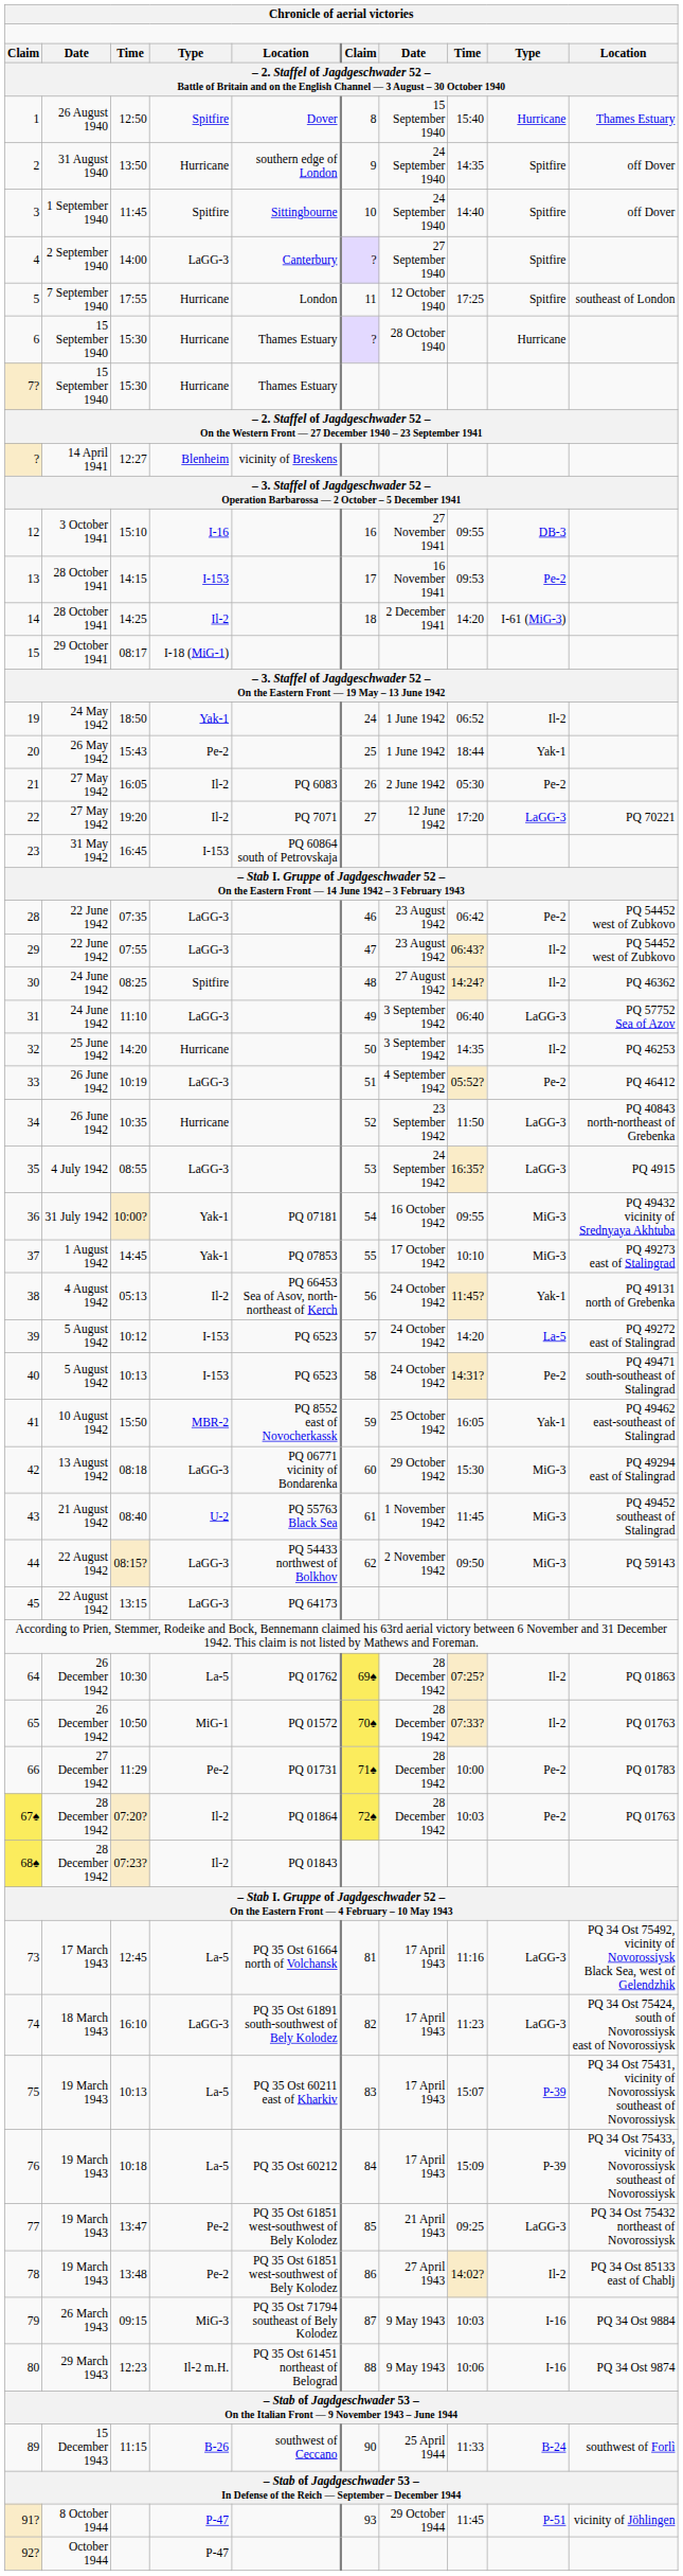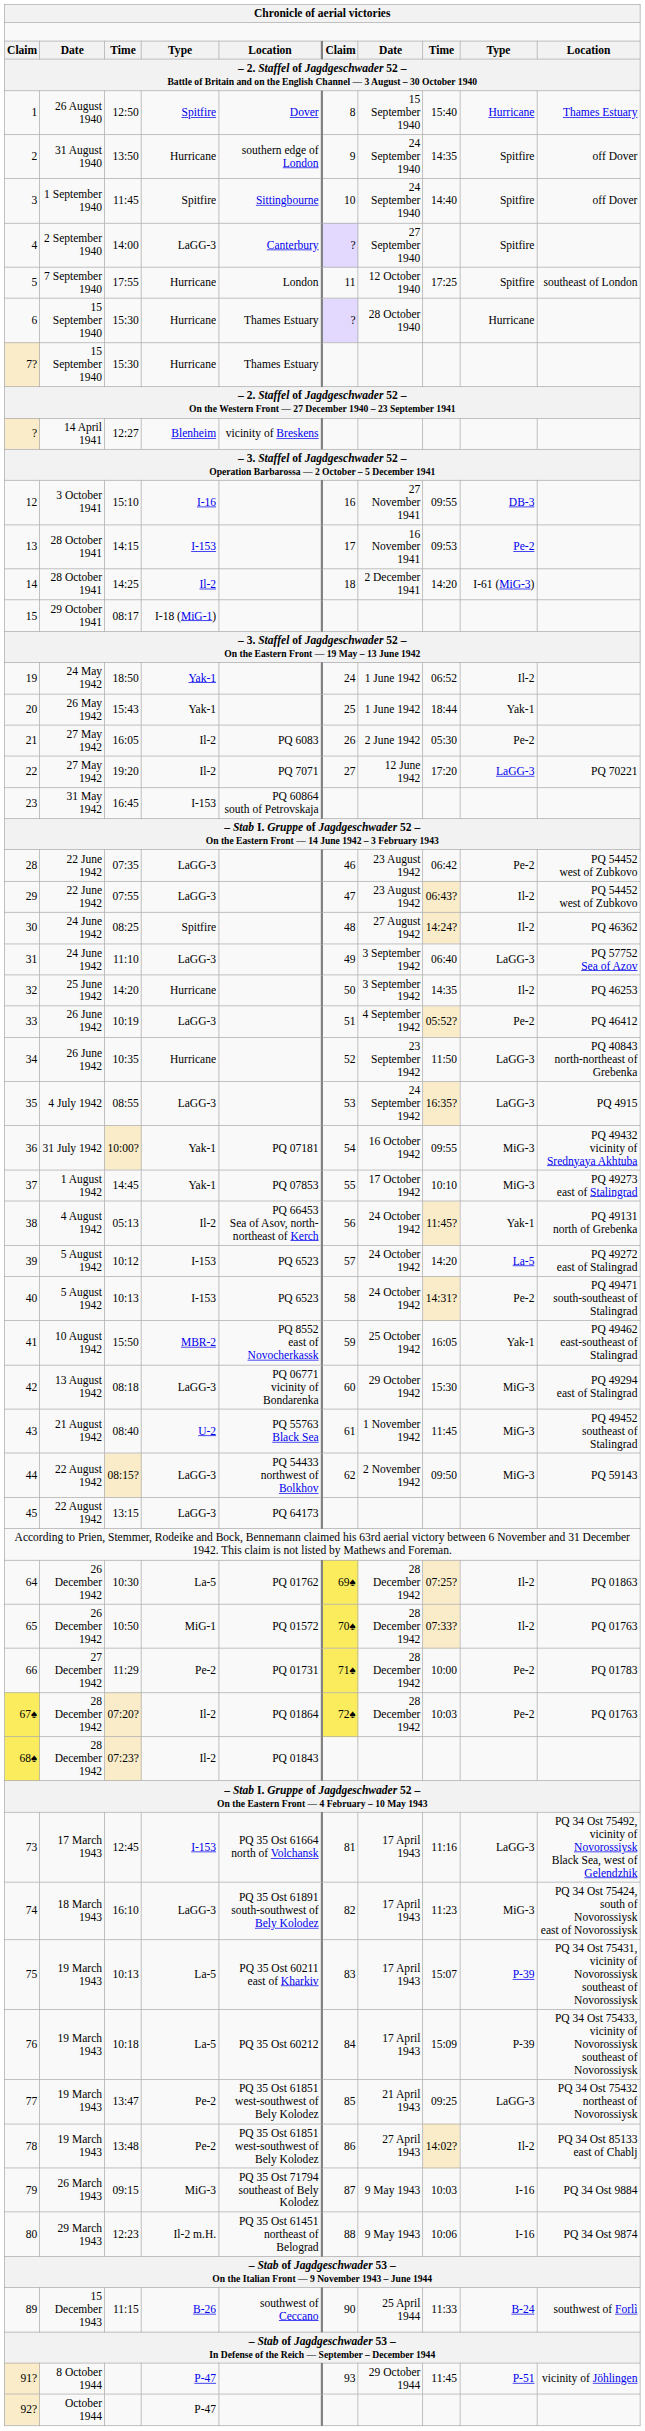 <table class="wikitable plainrowheaders collapsible" style="margin-left: auto; margin-right: auto; border: none; text-align:right; width: 100%;">
 <tr>
 <th colspan="10">Chronicle of aerial victories</th>
 </tr>
 <tr>
 <td colspan="10" style="text-align: left;"><br>  </td>
 </tr>
 <tr>
 <th scope="col">Claim</th>
 <th scope="col">Date</th>
 <th scope="col">Time</th>
 <th scope="col" width="100px">Type</th>
 <th scope="col">Location</th>
 <th scope="col" style="border-left: 3px solid grey;">Claim</th>
 <th scope="col">Date</th>
 <th scope="col">Time</th>
 <th scope="col" width="100px">Type</th>
 <th scope="col">Location</th>
 </tr>
 <tr>
 <th colspan="10">– 2. <em>Staffel</em> of <em>Jagdgeschwader</em> 52 –<br><small>Battle of Britain and on the English Channel — 3 August – 30 October 1940</small></th>
 </tr>
 <tr>
 <td>1</td>
 <td>26 August 1940</td>
 <td>12:50</td>
 <td><a href='#'>Spitfire</a></td>
 <td><a href='#'>Dover</a></td>
 <td style="border-left: 3px solid grey;">8</td>
 <td>15 September 1940</td>
 <td>15:40</td>
 <td><a href='#'>Hurricane</a></td>
 <td><a href='#'>Thames Estuary</a></td>
 </tr>
 <tr>
 <td>2</td>
 <td>31 August 1940</td>
 <td>13:50</td>
 <td>Hurricane</td>
 <td>southern edge of <a href='#'>London</a></td>
 <td style="border-left: 3px solid grey;">9</td>
 <td>24 September 1940</td>
 <td>14:35</td>
 <td>Spitfire</td>
 <td> off Dover</td>
 </tr>
 <tr>
 <td>3</td>
 <td>1 September 1940</td>
 <td>11:45</td>
 <td>Spitfire</td>
 <td><a href='#'>Sittingbourne</a></td>
 <td style="border-left: 3px solid grey;">10</td>
 <td>24 September 1940</td>
 <td>14:40</td>
 <td>Spitfire</td>
 <td>off Dover</td>
 </tr>
 <tr>
 <td>4</td>
 <td>2 September 1940</td>
 <td>14:00</td>
 <td>LaGG-3</td>
 <td><a href='#'>Canterbury</a></td>
 <td style="border-left: 3px solid grey; background:#e3d9ff;">?</td>
 <td>27 September 1940</td>
 <td></td>
 <td>Spitfire</td>
 <td></td>
 </tr>
 <tr>
 <td>5</td>
 <td>7 September 1940</td>
 <td>17:55</td>
 <td>Hurricane</td>
 <td>London</td>
 <td style="border-left: 3px solid grey;">11</td>
 <td>12 October 1940</td>
 <td>17:25</td>
 <td>Spitfire</td>
 <td>southeast of London</td>
 </tr>
 <tr>
 <td>6</td>
 <td>15 September 1940</td>
 <td>15:30</td>
 <td>Hurricane</td>
 <td>Thames Estuary</td>
 <td style="border-left: 3px solid grey; background:#e3d9ff;">?</td>
 <td>28 October 1940</td>
 <td></td>
 <td>Hurricane</td>
 <td></td>
 </tr>
 <tr>
 <td style="background:#faecc8">7?</td>
 <td>15 September 1940</td>
 <td>15:30</td>
 <td>Hurricane</td>
 <td>Thames Estuary</td>
 <td style="border-left: 3px solid grey;"></td>
 <td></td>
 <td></td>
 <td></td>
 <td></td>
 </tr>
 <tr>
 <th colspan="10">– 2. <em>Staffel</em> of <em>Jagdgeschwader</em> 52 –<br><small>On the Western Front — 27 December 1940 – 23 September 1941</small></th>
 </tr>
 <tr>
 <td style="background:#faecc8">?</td>
 <td>14 April 1941</td>
 <td>12:27</td>
 <td><a href='#'>Blenheim</a></td>
 <td>vicinity of <a href='#'>Breskens</a></td>
 <td style="border-left: 3px solid grey;"></td>
 <td></td>
 <td></td>
 <td></td>
 <td></td>
 </tr>
 <tr>
 <th colspan="10">– 3. <em>Staffel</em> of <em>Jagdgeschwader</em> 52 –<br><small>Operation Barbarossa — 2 October – 5 December 1941</small></th>
 </tr>
 <tr>
 <td>12</td>
 <td>3 October 1941</td>
 <td>15:10</td>
 <td><a href='#'>I-16</a></td>
 <td></td>
 <td style="border-left: 3px solid grey;">16</td>
 <td>27 November 1941</td>
 <td>09:55</td>
 <td><a href='#'>DB-3</a></td>
 <td></td>
 </tr>
 <tr>
 <td>13</td>
 <td>28 October 1941</td>
 <td>14:15</td>
 <td><a href='#'>I-153</a></td>
 <td></td>
 <td style="border-left: 3px solid grey;">17</td>
 <td>16 November 1941</td>
 <td>09:53</td>
 <td><a href='#'>Pe-2</a></td>
 <td></td>
 </tr>
 <tr>
 <td>14</td>
 <td>28 October 1941</td>
 <td>14:25</td>
 <td><a href='#'>Il-2</a></td>
 <td></td>
 <td style="border-left: 3px solid grey;">18</td>
 <td>2 December 1941</td>
 <td>14:20</td>
 <td>I-61 (<a href='#'>MiG-3</a>)</td>
 <td></td>
 </tr>
 <tr>
 <td>15</td>
 <td>29 October 1941</td>
 <td>08:17</td>
 <td>I-18 (<a href='#'>MiG-1</a>)</td>
 <td></td>
 <td style="border-left: 3px solid grey;"></td>
 <td></td>
 <td></td>
 <td></td>
 <td></td>
 </tr>
 <tr>
 <th colspan="10">– 3. <em>Staffel</em> of <em>Jagdgeschwader</em> 52 –<br><small>On the Eastern Front — 19 May – 13 June 1942</small></th>
 </tr>
 <tr>
 <td>19</td>
 <td>24 May 1942</td>
 <td>18:50</td>
 <td><a href='#'>Yak-1</a></td>
 <td></td>
 <td style="border-left: 3px solid grey;">24</td>
 <td>1 June 1942</td>
 <td>06:52</td>
 <td>Il-2</td>
 <td></td>
 </tr>
 <tr>
 <td>20</td>
 <td>26 May 1942</td>
 <td>15:43</td>
-<td>Pe-2</td>
+<td>Yak-1</td>
 <td></td>
 <td style="border-left: 3px solid grey;">25</td>
 <td>1 June 1942</td>
 <td>18:44</td>
 <td>Yak-1</td>
 <td></td>
 </tr>
 <tr>
 <td>21</td>
 <td>27 May 1942</td>
 <td>16:05</td>
 <td>Il-2</td>
 <td>PQ 6083</td>
 <td style="border-left: 3px solid grey;">26</td>
 <td>2 June 1942</td>
 <td>05:30</td>
 <td>Pe-2</td>
 <td></td>
 </tr>
 <tr>
 <td>22</td>
 <td>27 May 1942</td>
 <td>19:20</td>
 <td>Il-2</td>
 <td>PQ 7071</td>
 <td style="border-left: 3px solid grey;">27</td>
 <td>12 June 1942</td>
 <td>17:20</td>
 <td><a href='#'>LaGG-3</a></td>
 <td>PQ 70221</td>
 </tr>
 <tr>
 <td>23</td>
 <td>31 May 1942</td>
 <td>16:45</td>
 <td>I-153</td>
 <td>PQ 60864<br> south of Petrovskaja</td>
 <td style="border-left: 3px solid grey;"></td>
 <td></td>
 <td></td>
 <td></td>
 <td></td>
 </tr>
 <tr>
 <th colspan="10">– <em>Stab</em> I. <em>Gruppe</em> of <em>Jagdgeschwader</em> 52 –<br><small>On the Eastern Front — 14 June 1942 – 3 February 1943</small></th>
 </tr>
 <tr>
 <td>28</td>
 <td>22 June 1942</td>
 <td>07:35</td>
 <td>LaGG-3</td>
 <td></td>
 <td style="border-left: 3px solid grey;">46</td>
 <td>23 August 1942</td>
 <td>06:42</td>
 <td>Pe-2</td>
 <td>PQ 54452<br>west of Zubkovo</td>
 </tr>
 <tr>
 <td>29</td>
 <td>22 June 1942</td>
 <td>07:55</td>
 <td>LaGG-3</td>
 <td></td>
 <td style="border-left: 3px solid grey;">47</td>
 <td>23 August 1942</td>
 <td style="background:#faecc8">06:43?</td>
 <td>Il-2</td>
 <td>PQ 54452<br>west of Zubkovo</td>
 </tr>
 <tr>
 <td>30</td>
 <td>24 June 1942</td>
 <td>08:25</td>
 <td>Spitfire</td>
 <td></td>
 <td style="border-left: 3px solid grey;">48</td>
 <td>27 August 1942</td>
 <td style="background:#faecc8">14:24?</td>
 <td>Il-2</td>
 <td>PQ 46362</td>
 </tr>
 <tr>
 <td>31</td>
 <td>24 June 1942</td>
 <td>11:10</td>
 <td>LaGG-3</td>
 <td></td>
 <td style="border-left: 3px solid grey;">49</td>
 <td>3 September 1942</td>
 <td>06:40</td>
 <td>LaGG-3</td>
 <td>PQ 57752<br><a href='#'>Sea of Azov</a></td>
 </tr>
 <tr>
 <td>32</td>
 <td>25 June 1942</td>
 <td>14:20</td>
 <td>Hurricane</td>
 <td></td>
 <td style="border-left: 3px solid grey;">50</td>
 <td>3 September 1942</td>
 <td>14:35</td>
 <td>Il-2</td>
 <td>PQ 46253</td>
 </tr>
 <tr>
 <td>33</td>
 <td>26 June 1942</td>
 <td>10:19</td>
 <td>LaGG-3</td>
 <td></td>
 <td style="border-left: 3px solid grey;">51</td>
 <td>4 September 1942</td>
 <td style="background:#faecc8">05:52?</td>
 <td>Pe-2</td>
 <td>PQ 46412</td>
 </tr>
 <tr>
 <td>34</td>
 <td>26 June 1942</td>
 <td>10:35</td>
 <td>Hurricane</td>
 <td></td>
 <td style="border-left: 3px solid grey;">52</td>
 <td>23 September 1942</td>
 <td>11:50</td>
 <td>LaGG-3</td>
 <td>PQ 40843<br> north-northeast of Grebenka</td>
 </tr>
 <tr>
 <td>35</td>
 <td>4 July 1942</td>
 <td>08:55</td>
 <td>LaGG-3</td>
 <td></td>
 <td style="border-left: 3px solid grey;">53</td>
 <td>24 September 1942</td>
 <td style="background:#faecc8">16:35?</td>
 <td>LaGG-3</td>
 <td>PQ 4915</td>
 </tr>
 <tr>
 <td>36</td>
 <td>31 July 1942</td>
 <td style="background:#faecc8">10:00?</td>
 <td>Yak-1</td>
 <td>PQ 07181</td>
 <td style="border-left: 3px solid grey;">54</td>
 <td>16 October 1942</td>
 <td>09:55</td>
 <td>MiG-3</td>
 <td>PQ 49432<br>vicinity of <a href='#'>Srednyaya Akhtuba</a></td>
 </tr>
 <tr>
 <td>37</td>
 <td>1 August 1942</td>
 <td>14:45</td>
 <td>Yak-1</td>
 <td>PQ 07853</td>
 <td style="border-left: 3px solid grey;">55</td>
 <td>17 October 1942</td>
 <td>10:10</td>
 <td>MiG-3</td>
 <td>PQ 49273<br> east of <a href='#'>Stalingrad</a></td>
 </tr>
 <tr>
 <td>38</td>
 <td>4 August 1942</td>
 <td>05:13</td>
 <td>Il-2</td>
 <td>PQ 66453<br>Sea of Asov,  north-northeast of <a href='#'>Kerch</a></td>
 <td style="border-left: 3px solid grey;">56</td>
 <td>24 October 1942</td>
 <td style="background:#faecc8">11:45?</td>
 <td>Yak-1</td>
 <td>PQ 49131<br> north of Grebenka</td>
 </tr>
 <tr>
 <td>39</td>
 <td>5 August 1942</td>
 <td>10:12</td>
 <td>I-153</td>
 <td>PQ 6523</td>
 <td style="border-left: 3px solid grey;">57</td>
 <td>24 October 1942</td>
 <td>14:20</td>
 <td><a href='#'>La-5</a></td>
 <td>PQ 49272<br> east of Stalingrad</td>
 </tr>
 <tr>
 <td>40</td>
 <td>5 August 1942</td>
 <td>10:13</td>
 <td>I-153</td>
 <td>PQ 6523</td>
 <td style="border-left: 3px solid grey;">58</td>
 <td>24 October 1942</td>
 <td style="background:#faecc8">14:31?</td>
 <td>Pe-2</td>
 <td>PQ 49471<br> south-southeast of Stalingrad</td>
 </tr>
 <tr>
 <td>41</td>
 <td>10 August 1942</td>
 <td>15:50</td>
 <td><a href='#'>MBR-2</a></td>
 <td>PQ 8552<br> east of <a href='#'>Novocherkassk</a></td>
 <td style="border-left: 3px solid grey;">59</td>
 <td>25 October 1942</td>
 <td>16:05</td>
 <td>Yak-1</td>
 <td>PQ 49462<br> east-southeast of Stalingrad</td>
 </tr>
 <tr>
 <td>42</td>
 <td>13 August 1942</td>
 <td>08:18</td>
 <td>LaGG-3</td>
 <td>PQ 06771<br>vicinity of Bondarenka</td>
 <td style="border-left: 3px solid grey;">60</td>
 <td>29 October 1942</td>
 <td>15:30</td>
 <td>MiG-3</td>
 <td>PQ 49294<br> east of Stalingrad</td>
 </tr>
 <tr>
 <td>43</td>
 <td>21 August 1942</td>
 <td>08:40</td>
 <td><a href='#'>U-2</a></td>
 <td>PQ 55763<br><a href='#'>Black Sea</a></td>
 <td style="border-left: 3px solid grey;">61</td>
 <td>1 November 1942</td>
 <td>11:45</td>
 <td>MiG-3</td>
 <td>PQ 49452<br> southeast of Stalingrad</td>
 </tr>
 <tr>
 <td>44</td>
 <td>22 August 1942</td>
 <td style="background:#faecc8">08:15?</td>
 <td>LaGG-3</td>
 <td>PQ 54433<br>northwest of <a href='#'>Bolkhov</a></td>
 <td style="border-left: 3px solid grey;">62</td>
 <td>2 November 1942</td>
 <td>09:50</td>
 <td>MiG-3</td>
 <td>PQ 59143</td>
 </tr>
 <tr>
 <td>45</td>
 <td>22 August 1942</td>
 <td>13:15</td>
 <td>LaGG-3</td>
 <td>PQ 64173</td>
 <td style="border-left: 3px solid grey;"></td>
 <td></td>
 <td></td>
 <td></td>
 <td></td>
 </tr>
 <tr>
 <td colspan="10" style="text-align: center">According to Prien, Stemmer, Rodeike and Bock, Bennemann claimed his 63rd aerial victory between 6 November and 31 December 1942. This claim is not listed by Mathews and Foreman.</td>
 </tr>
 <tr>
 <td>64</td>
 <td>26 December 1942</td>
 <td>10:30</td>
 <td>La-5</td>
 <td>PQ 01762</td>
 <td style="border-left: 3px solid grey; background:#fbec5d;">69♠</td>
 <td>28 December 1942</td>
 <td style="background:#faecc8">07:25?</td>
 <td>Il-2</td>
 <td>PQ 01863</td>
 </tr>
 <tr>
 <td>65</td>
 <td>26 December 1942</td>
 <td>10:50</td>
 <td>MiG-1</td>
 <td>PQ 01572</td>
 <td style="border-left: 3px solid grey; background:#fbec5d;">70♠</td>
 <td>28 December 1942</td>
 <td style="background:#faecc8">07:33?</td>
 <td>Il-2</td>
 <td>PQ 01763</td>
 </tr>
 <tr>
 <td>66</td>
 <td>27 December 1942</td>
 <td>11:29</td>
 <td>Pe-2</td>
 <td>PQ 01731</td>
 <td style="border-left: 3px solid grey; background:#fbec5d;">71♠</td>
 <td>28 December 1942</td>
 <td>10:00</td>
 <td>Pe-2</td>
 <td>PQ 01783</td>
 </tr>
 <tr>
 <td style="background:#fbec5d;">67♠</td>
 <td>28 December 1942</td>
 <td style="background:#faecc8">07:20?</td>
 <td>Il-2</td>
 <td>PQ 01864</td>
 <td style="border-left: 3px solid grey; background:#fbec5d;">72♠</td>
 <td>28 December 1942</td>
 <td>10:03</td>
 <td>Pe-2</td>
 <td>PQ 01763</td>
 </tr>
 <tr>
 <td style="background:#fbec5d;">68♠</td>
 <td>28 December 1942</td>
 <td style="background:#faecc8">07:23?</td>
 <td>Il-2</td>
 <td>PQ 01843</td>
 <td style="border-left: 3px solid grey;"></td>
 <td></td>
 <td></td>
 <td></td>
 <td></td>
 </tr>
 <tr>
 <th colspan="10">– <em>Stab</em> I. <em>Gruppe</em> of <em>Jagdgeschwader</em> 52 –<br><small>On the Eastern Front — 4 February – 10 May 1943</small></th>
 </tr>
 <tr>
 <td>73</td>
 <td>17 March 1943</td>
 <td>12:45</td>
-<td>La-5</td>
+<td><a href='#'>I-153</a></td>
 <td>PQ 35 Ost 61664<br> north of <a href='#'>Volchansk</a></td>
 <td style="border-left: 3px solid grey;">81</td>
 <td>17 April 1943</td>
 <td>11:16</td>
 <td>LaGG-3</td>
 <td>PQ 34 Ost 75492, vicinity of <a href='#'>Novorossiysk</a><br>Black Sea,  west of <a href='#'>Gelendzhik</a></td>
 </tr>
 <tr>
 <td>74</td>
 <td>18 March 1943</td>
 <td>16:10</td>
 <td>LaGG-3</td>
 <td>PQ 35 Ost 61891<br> south-southwest of <a href='#'>Bely Kolodez</a></td>
 <td style="border-left: 3px solid grey;">82</td>
 <td>17 April 1943</td>
 <td>11:23</td>
-<td>LaGG-3</td>
+<td>MiG-3</td>
 <td>PQ 34 Ost 75424,  south of Novorossiysk<br> east of Novorossiysk</td>
 </tr>
 <tr>
 <td>75</td>
 <td>19 March 1943</td>
 <td>10:13</td>
 <td>La-5</td>
 <td>PQ 35 Ost 60211<br> east of <a href='#'>Kharkiv</a></td>
 <td style="border-left: 3px solid grey;">83</td>
 <td>17 April 1943</td>
 <td>15:07</td>
 <td><a href='#'>P-39</a></td>
 <td>PQ 34 Ost 75431, vicinity of Novorossiysk<br> southeast of Novorossiysk</td>
 </tr>
 <tr>
 <td>76</td>
 <td>19 March 1943</td>
 <td>10:18</td>
 <td>La-5</td>
 <td>PQ 35 Ost 60212</td>
 <td style="border-left: 3px solid grey;">84</td>
 <td>17 April 1943</td>
 <td>15:09</td>
 <td>P-39</td>
 <td>PQ 34 Ost 75433, vicinity of Novorossiysk<br>southeast of Novorossiysk</td>
 </tr>
 <tr>
 <td>77</td>
 <td>19 March 1943</td>
 <td>13:47</td>
 <td>Pe-2</td>
 <td>PQ 35 Ost 61851<br> west-southwest of Bely Kolodez</td>
 <td style="border-left: 3px solid grey;">85</td>
 <td>21 April 1943</td>
 <td>09:25</td>
 <td>LaGG-3</td>
 <td>PQ 34 Ost 75432<br>northeast of Novorossiysk</td>
 </tr>
 <tr>
 <td>78</td>
 <td>19 March 1943</td>
 <td>13:48</td>
 <td>Pe-2</td>
 <td>PQ 35 Ost 61851<br> west-southwest of Bely Kolodez</td>
 <td style="border-left: 3px solid grey;">86</td>
 <td>27 April 1943</td>
 <td style="background:#faecc8">14:02?</td>
 <td>Il-2</td>
 <td>PQ 34 Ost 85133<br>east of Chablj</td>
 </tr>
 <tr>
 <td>79</td>
 <td>26 March 1943</td>
 <td>09:15</td>
 <td>MiG-3</td>
 <td>PQ 35 Ost 71794<br> southeast of Bely Kolodez</td>
 <td style="border-left: 3px solid grey;">87</td>
 <td>9 May 1943</td>
 <td>10:03</td>
 <td>I-16</td>
 <td>PQ 34 Ost 9884</td>
 </tr>
 <tr>
 <td>80</td>
 <td>29 March 1943</td>
 <td>12:23</td>
 <td>Il-2 m.H.</td>
 <td>PQ 35 Ost 61451<br> northeast of Belograd</td>
 <td style="border-left: 3px solid grey;">88</td>
 <td>9 May 1943</td>
 <td>10:06</td>
 <td>I-16</td>
 <td>PQ 34 Ost 9874</td>
 </tr>
 <tr>
 <th colspan="10">– <em>Stab</em> of <em>Jagdgeschwader</em> 53 –<br><small>On the Italian Front — 9 November 1943 – June 1944</small></th>
 </tr>
 <tr>
 <td>89</td>
 <td>15 December 1943</td>
 <td>11:15</td>
 <td><a href='#'>B-26</a></td>
 <td>southwest of <a href='#'>Ceccano</a></td>
 <td style="border-left: 3px solid grey;">90</td>
 <td>25 April 1944</td>
 <td>11:33</td>
 <td><a href='#'>B-24</a></td>
 <td> southwest of <a href='#'>Forlì</a></td>
 </tr>
 <tr>
 <th colspan="10">– <em>Stab</em> of <em>Jagdgeschwader</em> 53 –<br><small>In Defense of the Reich — September – December 1944</small></th>
 </tr>
 <tr>
 <td style="background:#faecc8">91?</td>
 <td>8 October 1944</td>
 <td></td>
 <td><a href='#'>P-47</a></td>
 <td></td>
 <td style="border-left: 3px solid grey;">93</td>
 <td>29 October 1944</td>
 <td>11:45</td>
 <td><a href='#'>P-51</a></td>
 <td>vicinity of <a href='#'>Jöhlingen</a></td>
 </tr>
 <tr>
 <td style="background:#faecc8">92?</td>
 <td>October 1944</td>
 <td></td>
 <td>P-47</td>
 <td></td>
 <td style="border-left: 3px solid grey;"></td>
 <td></td>
 <td></td>
 <td></td>
 <td></td>
 </tr>
 </table>
